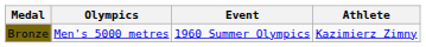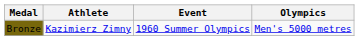 <table class="wikitable" style="display: inline-table;">
 <tr>
 <th>Medal</th>
+<th>Athlete</th>
+<th>Event</th>
 <th>Olympics</th>
-<th>Event</th>
-<th>Athlete</th>
 </tr>
 <tr>
 <td bgcolor=#77670b>Bronze</td>
+<td><a href='#'>Kazimierz Zimny</a></td>
+<td><a href='#'>1960 Summer Olympics</a></td>
 <td><a href='#'>Men's 5000 metres</a></td>
-<td><a href='#'>1960 Summer Olympics</a></td>
-<td><a href='#'>Kazimierz Zimny</a></td>
 </tr>
 </table>
